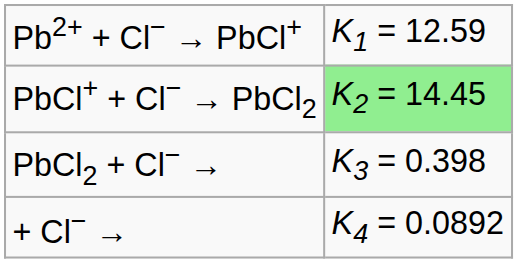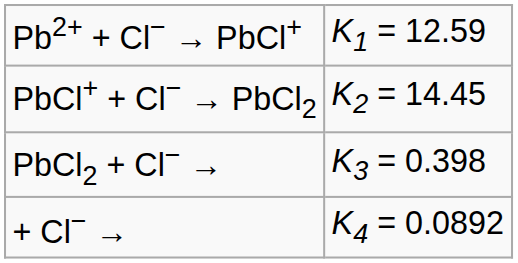 <table class="wikitable">
 <tr>
 <td>Pb<sup>2+</sup> + Cl<sup>−</sup> → PbCl<sup>+</sup></td>
 <td><em>K<sub>1</sub></em> = 12.59</td>
 </tr>
 <tr>
 <td>PbCl<sup>+</sup> + Cl<sup>−</sup> → PbCl<sub>2</sub></td>
-<td style="background: lightgreen;"><em>K<sub>2</sub></em> = 14.45</td>
+<td><em>K<sub>2</sub></em> = 14.45</td>
 </tr>
 <tr>
 <td>PbCl<sub>2</sub> + Cl<sup>−</sup> → </td>
 <td><em>K<sub>3</sub></em> = 0.398</td>
 </tr>
 <tr>
 <td> + Cl<sup>−</sup> → </td>
 <td><em>K<sub>4</sub></em> = 0.0892</td>
 </tr>
 </table>
